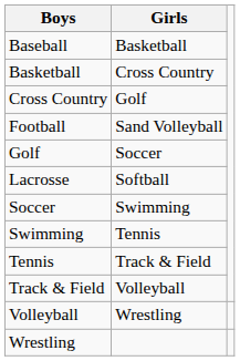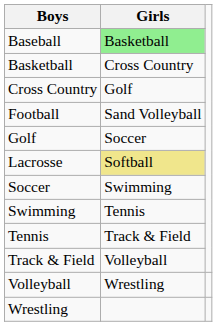 <table class="wikitable">
 <tr>
 <th>Boys</th>
 <th>Girls</th>
 </tr>
 <tr>
 <td>Baseball</td>
-<td>Basketball</td>
+<td style="background: lightgreen;">Basketball</td>
 </tr>
 <tr>
 <td>Basketball</td>
 <td>Cross Country</td>
 </tr>
 <tr>
 <td>Cross Country</td>
 <td>Golf</td>
 </tr>
 <tr>
 <td>Football</td>
 <td>Sand Volleyball</td>
 </tr>
 <tr>
 <td>Golf</td>
 <td>Soccer</td>
 </tr>
 <tr>
 <td>Lacrosse</td>
-<td>Softball</td>
+<td style="background: khaki;">Softball</td>
 </tr>
 <tr>
 <td>Soccer</td>
 <td>Swimming</td>
 </tr>
 <tr>
 <td>Swimming</td>
 <td>Tennis</td>
 </tr>
 <tr>
 <td>Tennis</td>
 <td>Track & Field</td>
 </tr>
 <tr>
 <td>Track & Field</td>
 <td>Volleyball</td>
 </tr>
 <tr>
 <td>Volleyball</td>
 <td>Wrestling</td>
 <td></td>
 </tr>
 <tr Rcket ball>
 <td>Wrestling</td>
 <td></td>
 </tr>
 </table>
